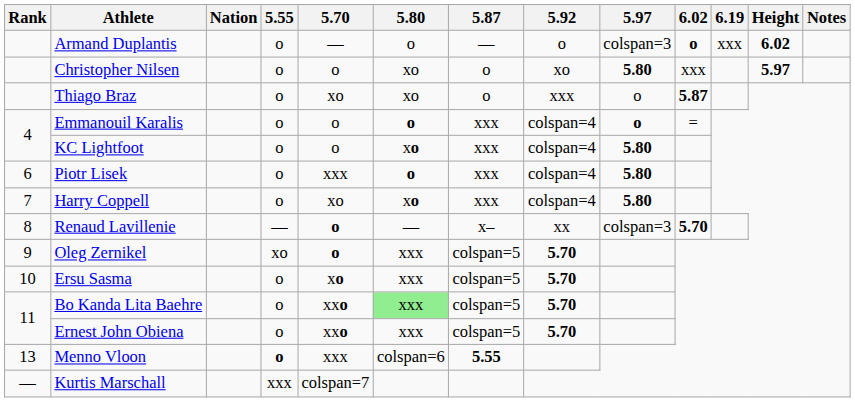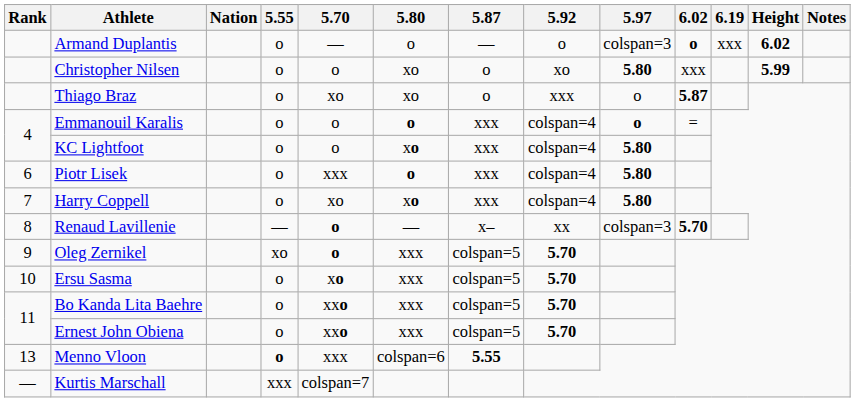 <table class="wikitable sortable" style="text-align:center">
 <tr>
 <th>Rank</th>
 <th>Athlete</th>
 <th>Nation</th>
 <th>5.55</th>
 <th>5.70</th>
 <th>5.80</th>
 <th>5.87</th>
 <th>5.92</th>
 <th>5.97</th>
 <th>6.02</th>
 <th>6.19</th>
 <th>Height</th>
 <th>Notes</th>
 </tr>
 <tr>
 <td></td>
 <td align="left"><a href='#'>Armand Duplantis</a></td>
 <td align="left"></td>
 <td>o</td>
 <td>—</td>
 <td>o</td>
 <td>—</td>
 <td>o</td>
 <td>colspan=3 </td>
 <td><strong>o</strong></td>
 <td>xxx</td>
 <td><strong>6.02</strong></td>
 <td></td>
 </tr>
 <tr>
 <td></td>
 <td align="left"><a href='#'>Christopher Nilsen</a></td>
 <td align="left"></td>
 <td>o</td>
 <td>o</td>
 <td>xo</td>
 <td>o</td>
 <td>xo</td>
 <td><strong>5.80</strong></td>
 <td>xxx</td>
 <td></td>
-<td><strong>5.97</strong></td>
+<td><strong>5.99</strong></td>
 <td></td>
 </tr>
 <tr>
 <td></td>
 <td align="left"><a href='#'>Thiago Braz</a></td>
 <td align="left"></td>
 <td>o</td>
 <td>xo</td>
 <td>xo</td>
 <td>o</td>
 <td>xxx</td>
 <td>o</td>
 <td><strong>5.87</strong></td>
 <td></td>
 </tr>
 <tr>
 <td rowspan=2>4</td>
 <td align="left"><a href='#'>Emmanouil Karalis</a></td>
 <td align="left"></td>
 <td>o</td>
 <td>o</td>
 <td><strong>o</strong></td>
 <td>xxx</td>
 <td>colspan=4 </td>
 <td><strong>o</strong></td>
 <td>=</td>
 </tr>
 <tr>
 <td align="left"><a href='#'>KC Lightfoot</a></td>
 <td align="left"></td>
 <td>o</td>
 <td>o</td>
 <td>x<strong>o</strong></td>
 <td>xxx</td>
 <td>colspan=4 </td>
 <td><strong>5.80</strong></td>
 <td></td>
 </tr>
 <tr>
 <td>6</td>
 <td align="left"><a href='#'>Piotr Lisek</a></td>
 <td align="left"></td>
 <td>o</td>
 <td>xxx</td>
 <td><strong>o</strong></td>
 <td>xxx</td>
 <td>colspan=4 </td>
 <td><strong>5.80</strong></td>
 <td></td>
 </tr>
 <tr>
 <td>7</td>
 <td align="left"><a href='#'>Harry Coppell</a></td>
 <td align="left"></td>
 <td>o</td>
 <td>xo</td>
 <td>x<strong>o</strong></td>
 <td>xxx</td>
 <td>colspan=4 </td>
 <td><strong>5.80</strong></td>
 <td></td>
 </tr>
 <tr>
 <td>8</td>
 <td align="left"><a href='#'>Renaud Lavillenie</a></td>
 <td align="left"></td>
 <td>—</td>
 <td><strong>o</strong></td>
 <td>—</td>
 <td>x–</td>
 <td>xx</td>
 <td>colspan=3 </td>
 <td><strong>5.70</strong></td>
 <td></td>
 </tr>
 <tr>
 <td>9</td>
 <td align="left"><a href='#'>Oleg Zernikel</a></td>
 <td align="left"></td>
 <td>xo</td>
 <td><strong>o</strong></td>
 <td>xxx</td>
 <td>colspan=5 </td>
 <td><strong>5.70</strong></td>
 <td></td>
 </tr>
 <tr>
 <td>10</td>
 <td align="left"><a href='#'>Ersu Sasma</a></td>
 <td align="left"></td>
 <td>o</td>
 <td>x<strong>o</strong></td>
 <td>xxx</td>
 <td>colspan=5 </td>
 <td><strong>5.70</strong></td>
 <td></td>
 </tr>
 <tr>
 <td rowspan=2>11</td>
 <td align="left"><a href='#'>Bo Kanda Lita Baehre</a></td>
 <td align="left"></td>
 <td>o</td>
 <td>xx<strong>o</strong></td>
-<td style="background: lightgreen;">xxx</td>
+<td>xxx</td>
 <td>colspan=5 </td>
 <td><strong>5.70</strong></td>
 <td></td>
 </tr>
 <tr>
 <td align="left"><a href='#'>Ernest John Obiena</a></td>
 <td align="left"></td>
 <td>o</td>
 <td>xx<strong>o</strong></td>
 <td>xxx</td>
 <td>colspan=5 </td>
 <td><strong>5.70</strong></td>
 <td></td>
 </tr>
 <tr>
 <td>13</td>
 <td align="left"><a href='#'>Menno Vloon</a></td>
 <td align="left"></td>
 <td><strong>o</strong></td>
 <td>xxx</td>
 <td>colspan=6 </td>
 <td><strong>5.55</strong></td>
 <td></td>
 </tr>
 <tr>
 <td data-sort-value=14>—</td>
 <td align="left"><a href='#'>Kurtis Marschall</a></td>
 <td align="left"></td>
 <td>xxx</td>
 <td>colspan=7 </td>
 <td></td>
 <td></td>
 </tr>
 </table>
